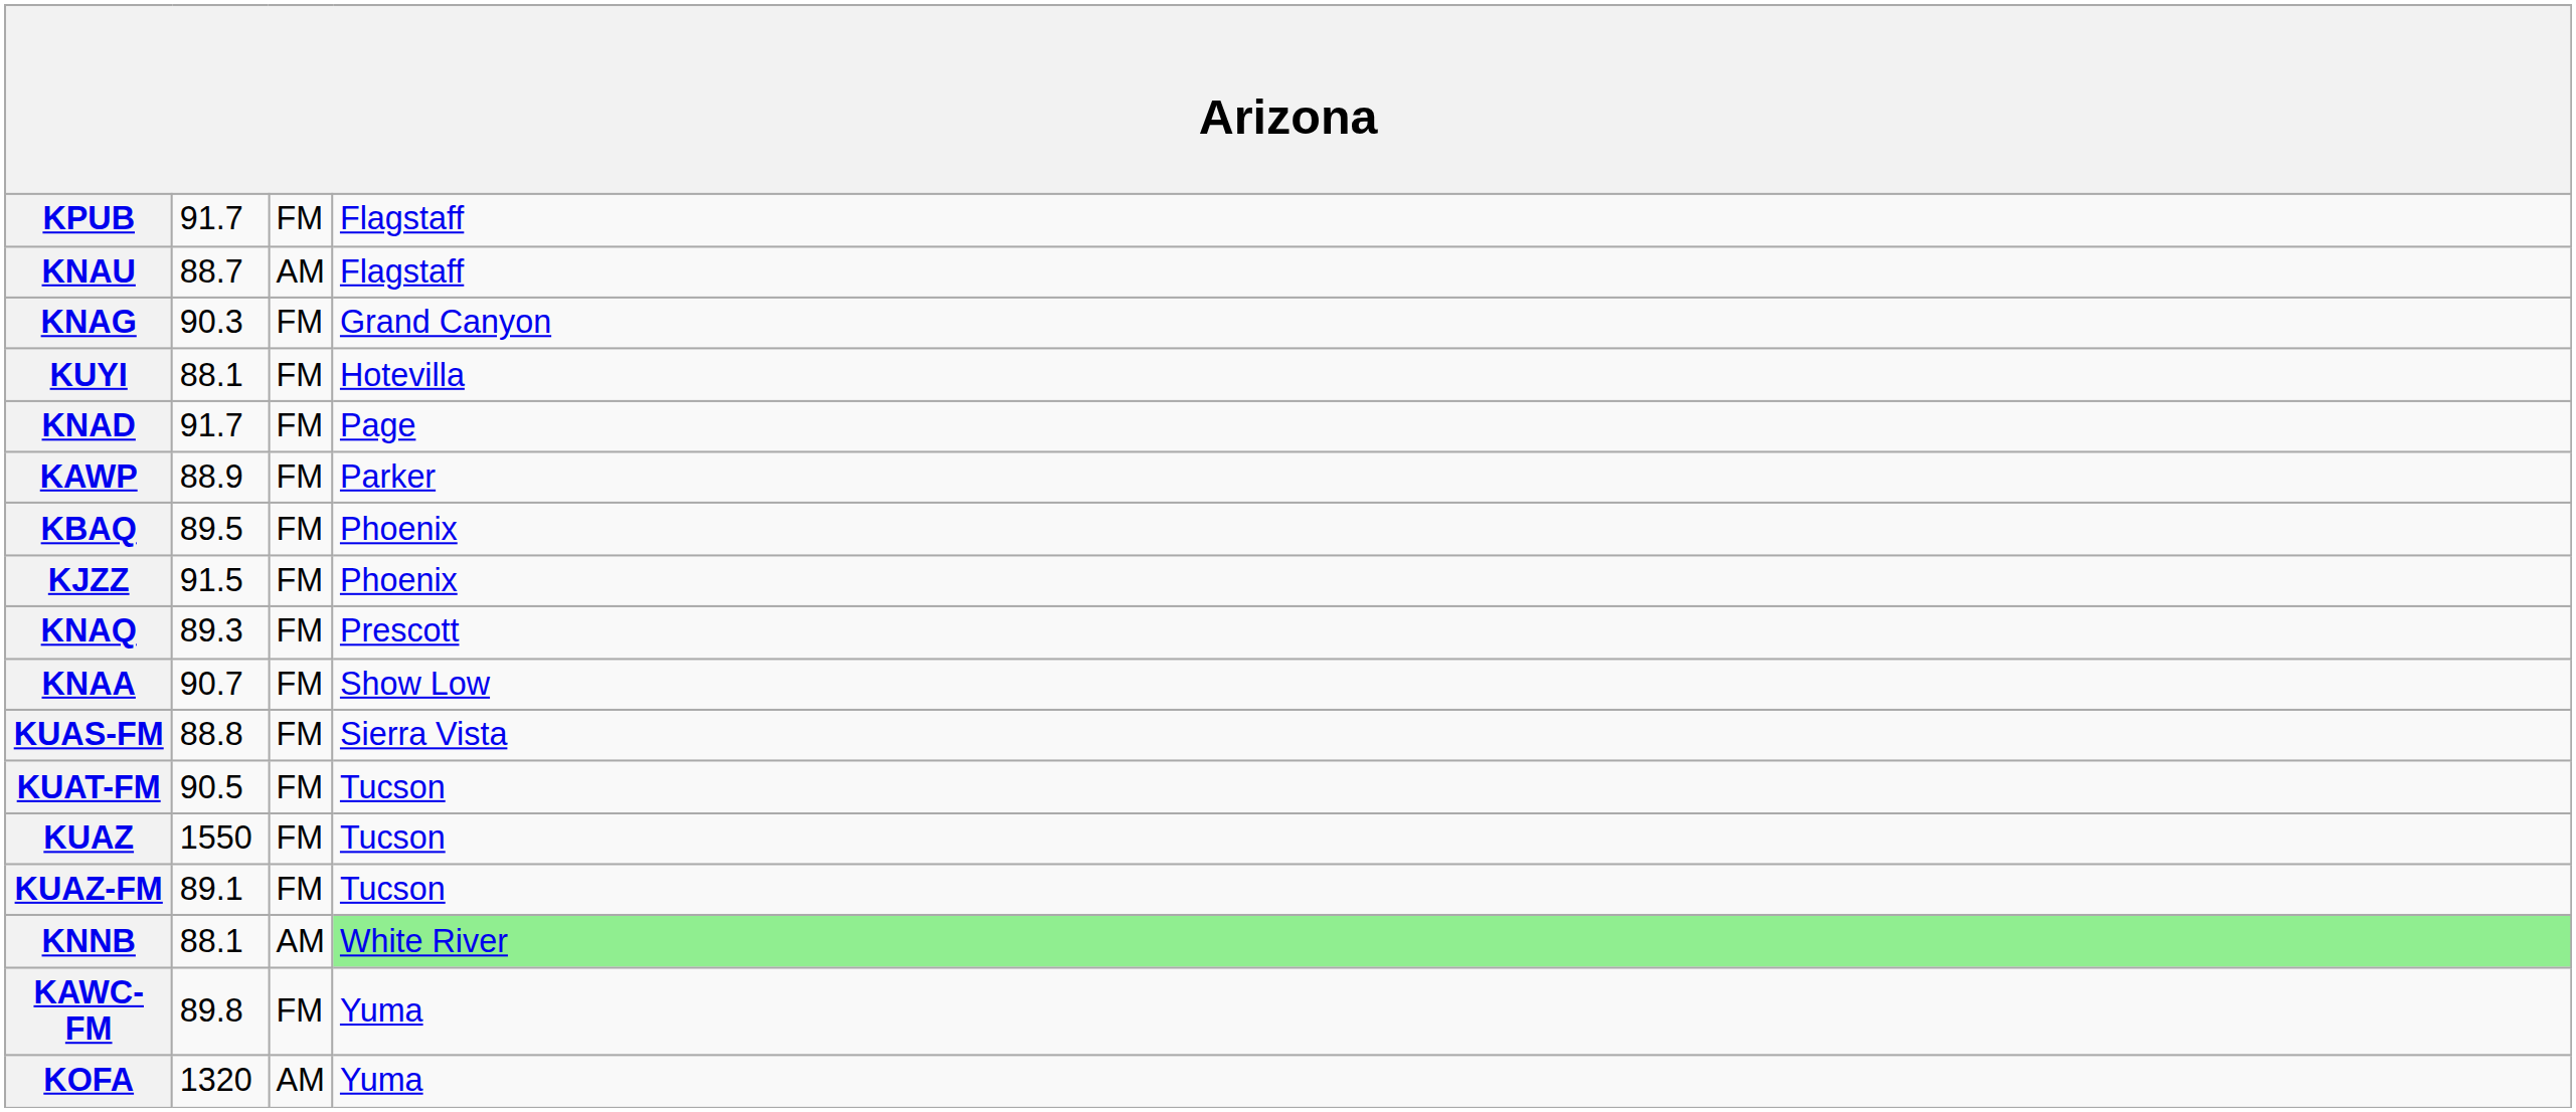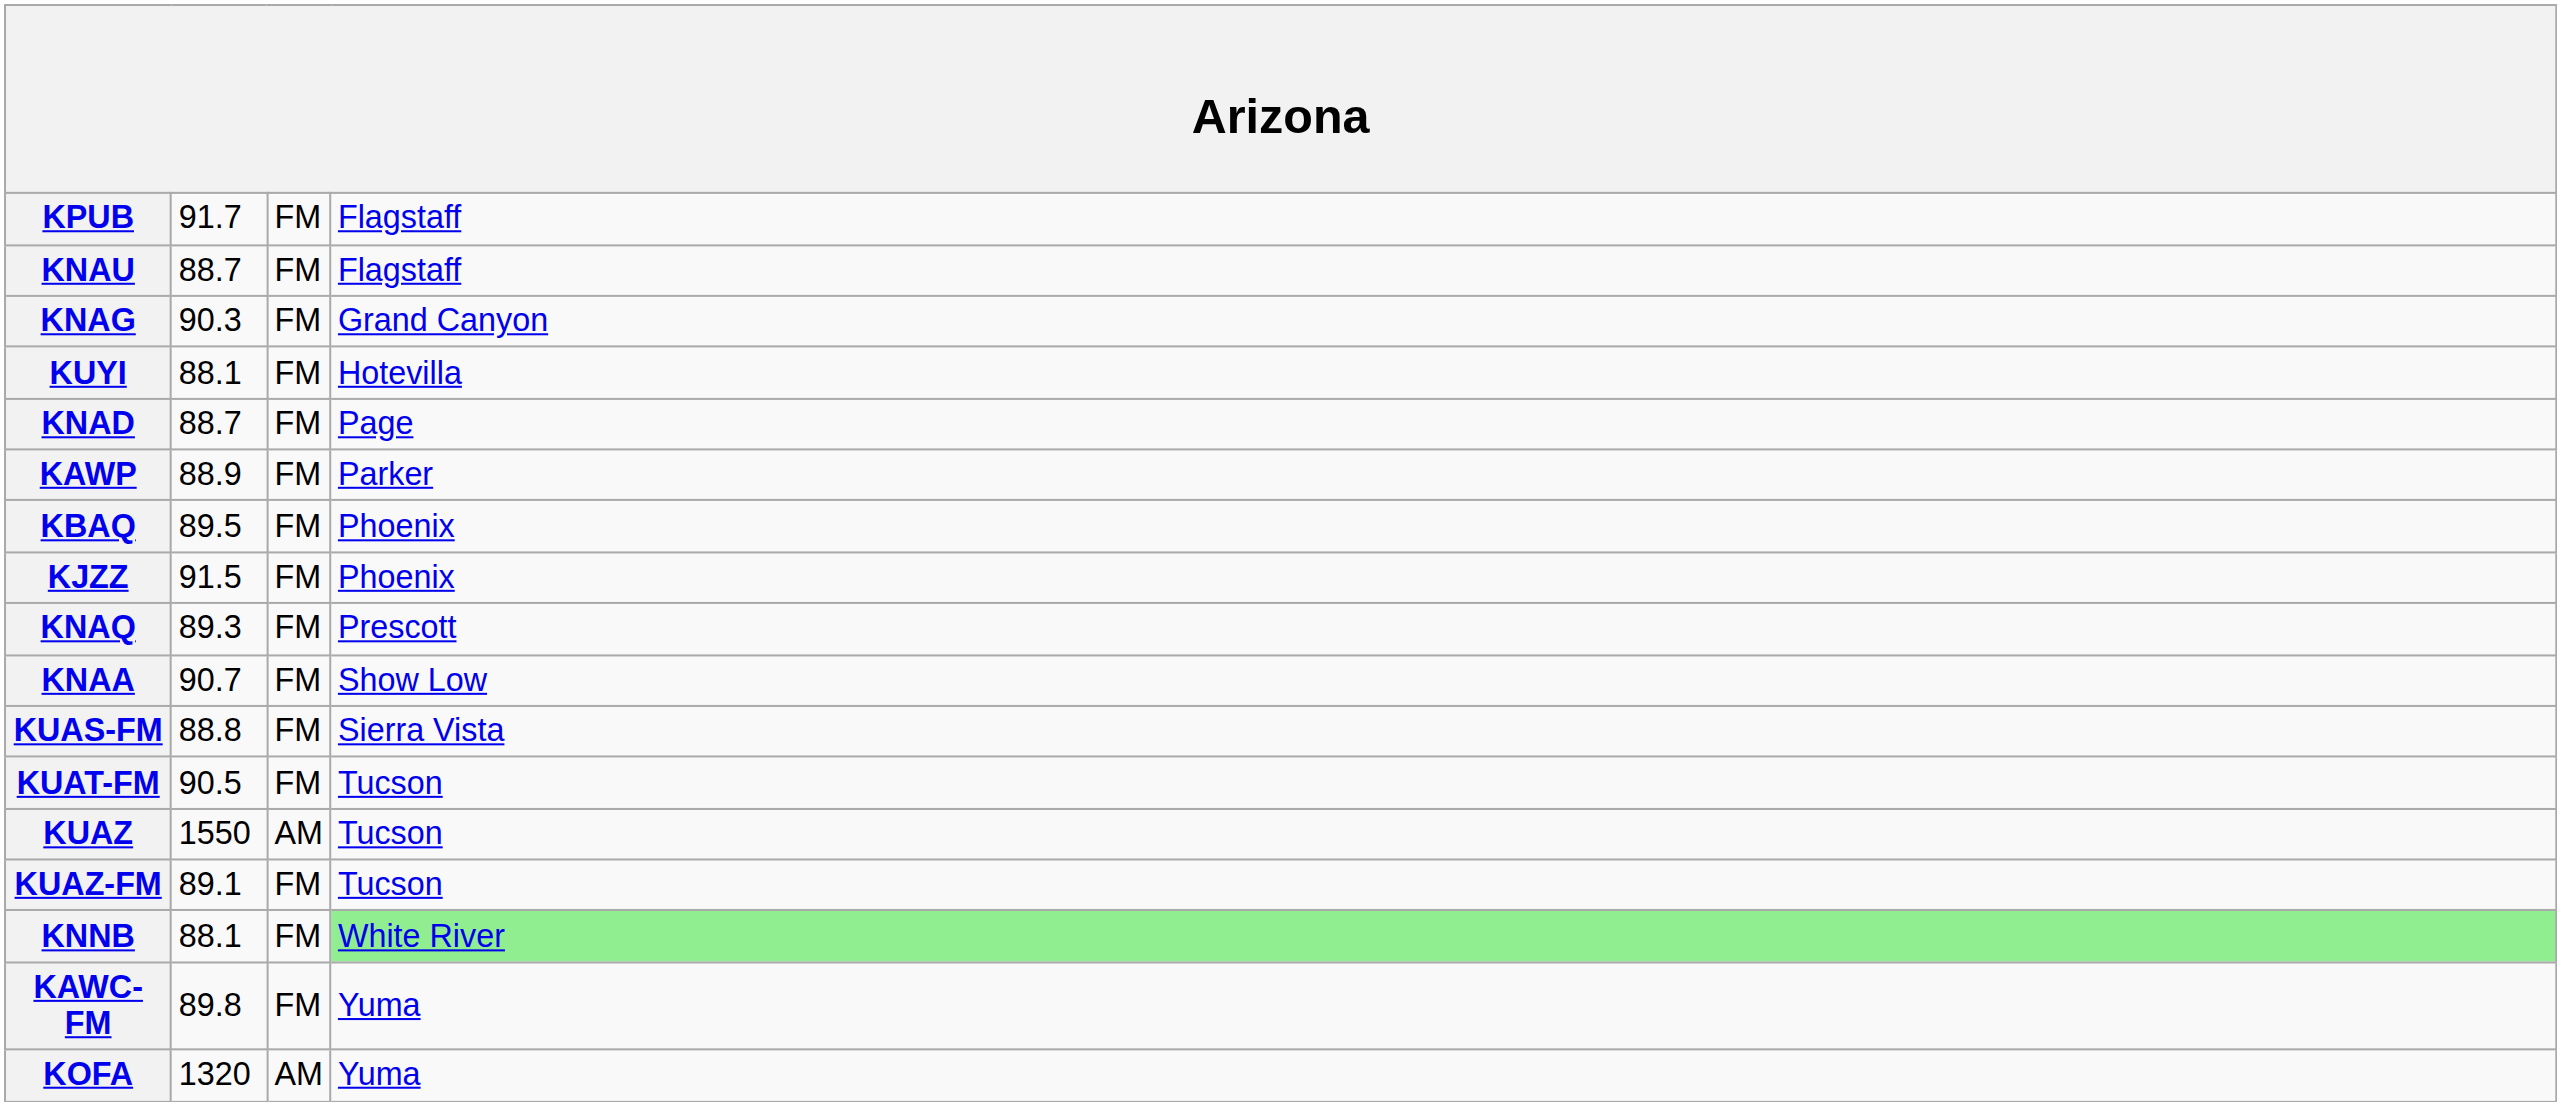 <table class="wikitable mw-collapsible" style="width:100%">
 <tr>
 <th scope="col" colspan="4"><br><h2>Arizona</h2></th>
 </tr>
 <tr>
 <th scope="row" style="width: 75px;"><a href='#'>KPUB</a></th>
 <td style="width: 40px;">91.7</td>
 <td style="width: 21px;">FM</td>
 <td><a href='#'>Flagstaff</a></td>
 </tr>
 <tr>
 <th scope="row"><a href='#'>KNAU</a></th>
 <td>88.7</td>
-<td>AM</td>
+<td>FM</td>
 <td><a href='#'>Flagstaff</a></td>
 </tr>
 <tr>
 <th scope="row"><a href='#'>KNAG</a></th>
 <td>90.3</td>
 <td>FM</td>
 <td><a href='#'>Grand Canyon</a></td>
 </tr>
 <tr>
 <th scope="row"><a href='#'>KUYI</a></th>
 <td>88.1</td>
 <td>FM</td>
 <td><a href='#'>Hotevilla</a></td>
 </tr>
 <tr>
 <th scope="row"><a href='#'>KNAD</a></th>
-<td>91.7</td>
+<td>88.7</td>
 <td>FM</td>
 <td><a href='#'>Page</a></td>
 </tr>
 <tr>
 <th scope="row"><a href='#'>KAWP</a></th>
 <td>88.9</td>
 <td>FM</td>
 <td><a href='#'>Parker</a></td>
 </tr>
 <tr>
 <th scope="row"><a href='#'>KBAQ</a></th>
 <td>89.5</td>
 <td>FM</td>
 <td><a href='#'>Phoenix</a></td>
 </tr>
 <tr>
 <th scope="row"><a href='#'>KJZZ</a></th>
 <td>91.5</td>
 <td>FM</td>
 <td><a href='#'>Phoenix</a></td>
 </tr>
 <tr>
 <th scope="row"><a href='#'>KNAQ</a></th>
 <td>89.3</td>
 <td>FM</td>
 <td><a href='#'>Prescott</a></td>
 </tr>
 <tr>
 <th scope="row"><a href='#'>KNAA</a></th>
 <td>90.7</td>
 <td>FM</td>
 <td><a href='#'>Show Low</a></td>
 </tr>
 <tr>
 <th scope="row"><a href='#'>KUAS-FM</a></th>
 <td>88.8</td>
 <td>FM</td>
 <td><a href='#'>Sierra Vista</a></td>
 </tr>
 <tr>
 <th scope="row"><a href='#'>KUAT-FM</a></th>
 <td>90.5</td>
 <td>FM</td>
 <td><a href='#'>Tucson</a></td>
 </tr>
 <tr>
 <th scope="row"><a href='#'>KUAZ</a></th>
 <td>1550</td>
-<td>FM</td>
+<td>AM</td>
 <td><a href='#'>Tucson</a></td>
 </tr>
 <tr>
 <th scope="row"><a href='#'>KUAZ-FM</a></th>
 <td>89.1</td>
 <td>FM</td>
 <td><a href='#'>Tucson</a></td>
 </tr>
 <tr>
 <th scope="row"><a href='#'>KNNB</a></th>
 <td>88.1</td>
-<td>AM</td>
+<td>FM</td>
 <td style="background: lightgreen;"><a href='#'>White River</a></td>
 </tr>
 <tr>
 <th scope="row"><a href='#'>KAWC-FM</a></th>
 <td>89.8</td>
 <td>FM</td>
 <td><a href='#'>Yuma</a></td>
 </tr>
 <tr>
 <th scope="row"><a href='#'>KOFA</a></th>
 <td>1320</td>
 <td>AM</td>
 <td><a href='#'>Yuma</a></td>
 </tr>
 </table>
